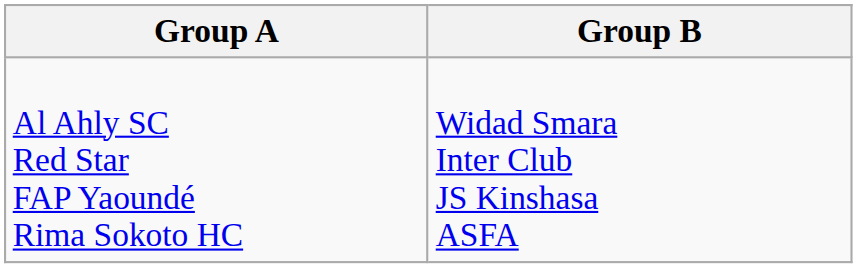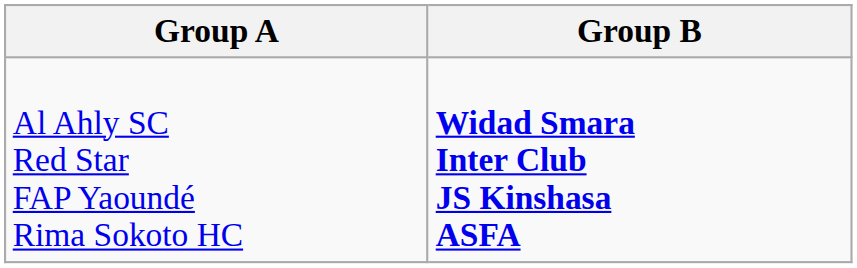 <table class="wikitable">
 <tr>
 <th width=195px>Group A</th>
 <th width=195px>Group B</th>
 </tr>
 <tr>
 <td valign=top><br> <a href='#'>Al Ahly SC</a><br>  <a href='#'>Red Star</a><br>  <a href='#'>FAP Yaoundé</a><br>  <a href='#'>Rima Sokoto HC</a></td>
-<td valign=top><br> <a href='#'>Widad Smara</a><br>  <a href='#'>Inter Club</a><br>  <a href='#'>JS Kinshasa</a><br>  <a href='#'>ASFA</a></td>
+<td valign=top><strong><br> <a href='#'>Widad Smara</a><br>  <a href='#'>Inter Club</a><br>  <a href='#'>JS Kinshasa</a><br>  <a href='#'>ASFA</a></strong></td>
 </tr>
 </table>
